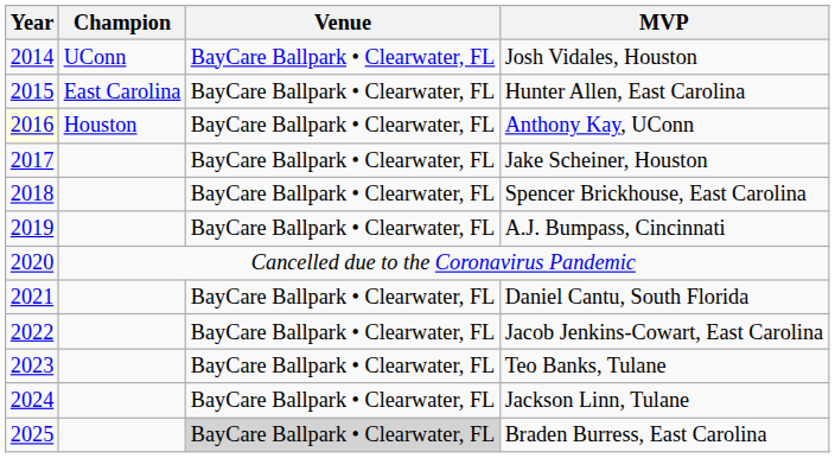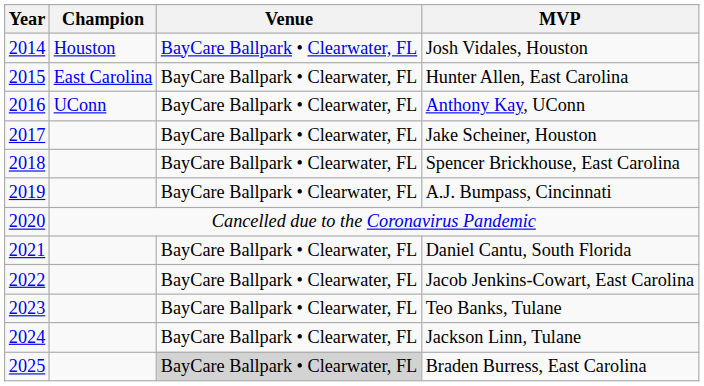 <table class= wikitable sortable>
 <tr>
 <th width=px>Year</th>
 <th width=px>Champion</th>
 <th width=px>Venue</th>
 <th width=px>MVP</th>
 </tr>
 <tr>
 <td><a href='#'>2014</a></td>
-<td><a href='#'>UConn</a></td>
+<td><a href='#'>Houston</a></td>
 <td><a href='#'>BayCare Ballpark</a> • <a href='#'>Clearwater, FL</a></td>
 <td>Josh Vidales, Houston</td>
 </tr>
 <tr>
 <td><a href='#'>2015</a></td>
 <td><a href='#'>East Carolina</a></td>
 <td>BayCare Ballpark • Clearwater, FL</td>
 <td>Hunter Allen, East Carolina</td>
 </tr>
 <tr>
-<td style="background: lightyellow;"><a href='#'>2016</a></td>
-<td><a href='#'>Houston</a></td>
+<td><a href='#'>2016</a></td>
+<td><a href='#'>UConn</a></td>
 <td>BayCare Ballpark • Clearwater, FL</td>
 <td><a href='#'>Anthony Kay</a>, UConn</td>
 </tr>
 <tr>
 <td><a href='#'>2017</a></td>
 <td></td>
 <td>BayCare Ballpark • Clearwater, FL</td>
 <td>Jake Scheiner, Houston</td>
 </tr>
 <tr>
 <td><a href='#'>2018</a></td>
 <td></td>
 <td>BayCare Ballpark • Clearwater, FL</td>
 <td>Spencer Brickhouse, East Carolina</td>
 </tr>
 <tr>
 <td><a href='#'>2019</a></td>
 <td></td>
 <td>BayCare Ballpark • Clearwater, FL</td>
 <td>A.J. Bumpass, Cincinnati</td>
 </tr>
 <tr>
 <td><a href='#'>2020</a></td>
 <td colspan="3" align=center><em>Cancelled due to the <a href='#'>Coronavirus Pandemic</a></em></td>
 </tr>
 <tr>
 <td><a href='#'>2021</a></td>
 <td></td>
 <td>BayCare Ballpark • Clearwater, FL</td>
 <td>Daniel Cantu, South Florida</td>
 </tr>
 <tr>
 <td><a href='#'>2022</a></td>
 <td></td>
 <td>BayCare Ballpark • Clearwater, FL</td>
 <td>Jacob Jenkins-Cowart, East Carolina</td>
 </tr>
 <tr>
 <td><a href='#'>2023</a></td>
 <td></td>
 <td>BayCare Ballpark • Clearwater, FL</td>
 <td>Teo Banks, Tulane</td>
 </tr>
 <tr>
 <td><a href='#'>2024</a></td>
 <td></td>
 <td>BayCare Ballpark • Clearwater, FL</td>
 <td>Jackson Linn, Tulane</td>
 </tr>
 <tr>
 <td><a href='#'>2025</a></td>
 <td></td>
 <td style="background: lightgrey;">BayCare Ballpark • Clearwater, FL</td>
 <td>Braden Burress, East Carolina</td>
 </tr>
 </table>
